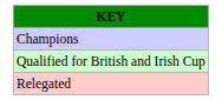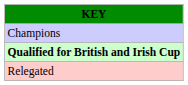 <table class="wikitable" style="margin:0.5em auto; font-size:95%">
 <tr bgcolor="#008B00">
 <td align=center><strong>KEY</strong></td>
 </tr>
 <tr bgcolor=#CCCCFF>
 <td>Champions</td>
 </tr>
 <tr bgcolor=#CCFFCC>
-<td>Qualified for British and Irish Cup</td>
+<td><strong>Qualified for British and Irish Cup</strong></td>
 </tr>
 <tr bgcolor=#FFCCCC>
 <td>Relegated</td>
 </tr>
 </table>
